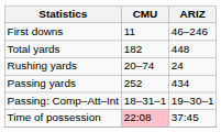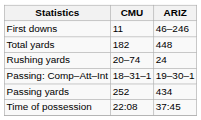 <table class="wikitable" style="float: left;">
 <tr>
 <th>Statistics</th>
 <th>CMU</th>
 <th>ARIZ</th>
 </tr>
 <tr>
 <td>First downs</td>
 <td>11</td>
 <td>46–246</td>
 </tr>
 <tr>
 <td>Total yards</td>
 <td>182</td>
 <td>448</td>
 </tr>
 <tr>
 <td>Rushing yards</td>
 <td>20–74</td>
 <td>24</td>
 </tr>
 <tr>
+<td>Passing: Comp–Att–Int</td>
+<td>18–31–1</td>
+<td>19–30–1</td>
+</tr>
+<tr>
 <td>Passing yards</td>
 <td>252</td>
 <td>434</td>
 </tr>
 <tr>
-<td>Passing: Comp–Att–Int</td>
-<td>18–31–1</td>
-<td>19–30–1</td>
-</tr>
-<tr>
 <td>Time of possession</td>
-<td style="background: pink;">22:08</td>
+<td>22:08</td>
 <td>37:45</td>
 </tr>
 <tr>
 </tr>
 </table>
